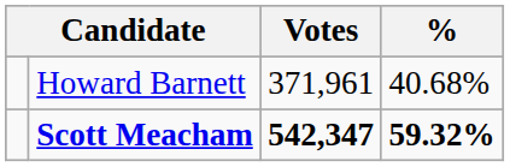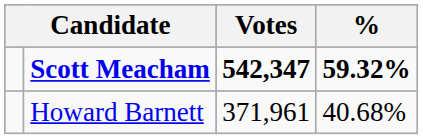 <table class="wikitable">
 <tr>
 <th colspan="2" rowspan="1" align="center" valign="top"><strong>Candidate</strong></th>
 <th valign="top"><strong>Votes</strong></th>
 <th valign="top"><strong>%</strong></th>
 </tr>
 <tr>
 <td style="background-color:"> </td>
+<td><strong><a href='#'>Scott Meacham</a></strong></td>
+<td><strong>542,347</strong></td>
+<td><strong>59.32%</strong></td>
+</tr>
+<tr>
+<td style="background-color:"> </td>
 <td><a href='#'>Howard Barnett</a></td>
 <td>371,961</td>
 <td>40.68%</td>
 </tr>
-<tr>
-<td style="background-color:"> </td>
-<td><strong><a href='#'>Scott Meacham</a></strong></td>
-<td><strong>542,347</strong></td>
-<td><strong>59.32%</strong></td>
-</tr>
 </table>
